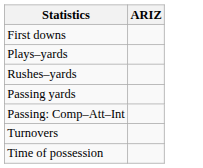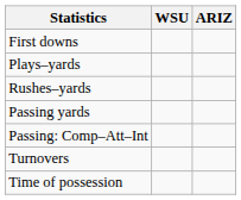 <table class="wikitable" style="float:left">
 <tr>
 <th>Statistics</th>
+<th>WSU</th>
 <th>ARIZ</th>
 </tr>
 <tr>
 <td>First downs</td>
 <td></td>
+<td></td>
 </tr>
 <tr>
 <td>Plays–yards</td>
+<td></td>
 <td></td>
 </tr>
 <tr>
 <td>Rushes–yards</td>
 <td></td>
+<td></td>
 </tr>
 <tr>
 <td>Passing yards</td>
+<td></td>
 <td></td>
 </tr>
 <tr>
 <td>Passing: Comp–Att–Int</td>
 <td></td>
+<td></td>
 </tr>
 <tr>
 <td>Turnovers</td>
+<td></td>
 <td></td>
 </tr>
 <tr>
 <td>Time of possession</td>
 <td></td>
+<td></td>
 </tr>
 </table>
